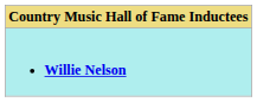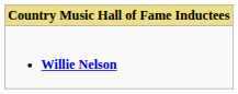 <table class="wikitable">
 <tr>
 <th style="background:#EEDD82; width=50%">Country Music Hall of Fame Inductees</th>
 </tr>
 <tr>
-<td valign="top" style="background: paleturquoise;"><br><ul><li><strong><a href='#'>Willie Nelson</a></strong></li></ul></td>
+<td valign="top"><br><ul><li><strong><a href='#'>Willie Nelson</a></strong></li></ul></td>
 </tr>
 </table>
